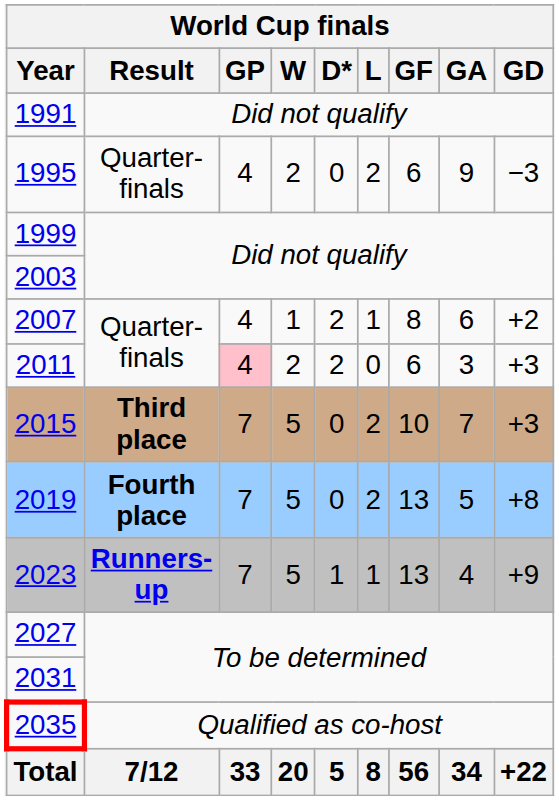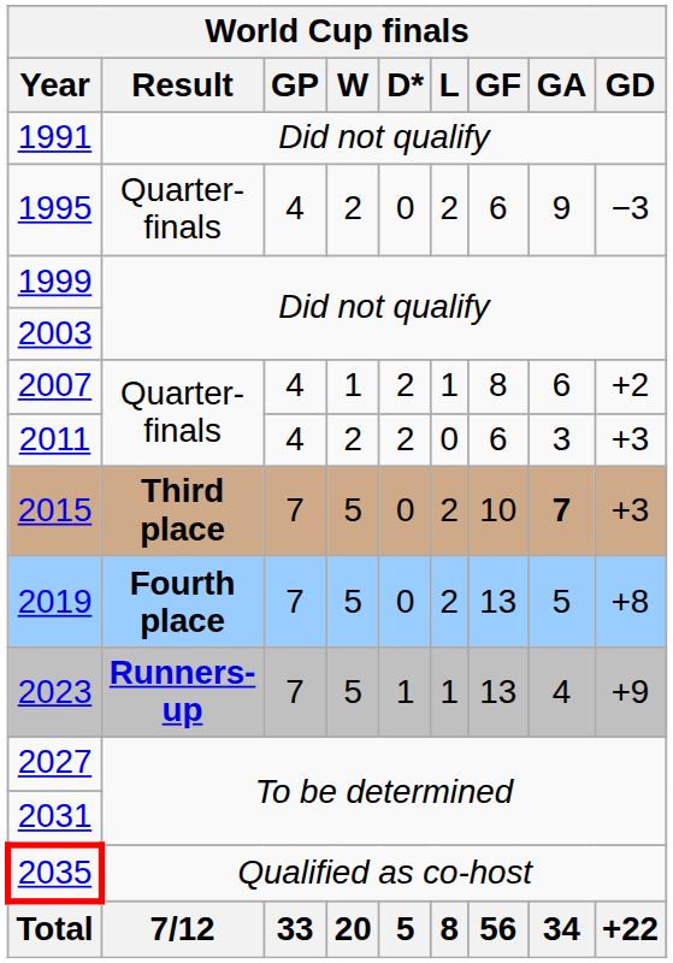 <table class="wikitable" style="text-align:center;width:50%">
 <tr>
 <th colspan=10>World Cup finals</th>
 </tr>
 <tr>
 <th>Year</th>
 <th>Result</th>
 <th>GP</th>
 <th>W</th>
 <th>D*</th>
 <th>L</th>
 <th>GF</th>
 <th>GA</th>
 <th>GD</th>
 </tr>
 <tr>
 <td> <a href='#'>1991</a></td>
 <td colspan=8><em>Did not qualify</em></td>
 </tr>
 <tr>
 <td> <a href='#'>1995</a></td>
 <td>Quarter-finals</td>
 <td>4</td>
 <td>2</td>
 <td>0</td>
 <td>2</td>
 <td>6</td>
 <td>9</td>
 <td>−3</td>
 </tr>
 <tr>
 <td> <a href='#'>1999</a></td>
 <td colspan=8 rowspan=2><em>Did not qualify</em></td>
 </tr>
 <tr>
 <td> <a href='#'>2003</a></td>
 </tr>
 <tr>
 <td> <a href='#'>2007</a></td>
 <td rowspan=2>Quarter-finals</td>
 <td>4</td>
 <td>1</td>
 <td>2</td>
 <td>1</td>
 <td>8</td>
 <td>6</td>
 <td>+2</td>
 </tr>
 <tr>
 <td> <a href='#'>2011</a></td>
-<td style="background: pink;">4</td>
+<td>4</td>
 <td>2</td>
 <td>2</td>
 <td>0</td>
 <td>6</td>
 <td>3</td>
 <td>+3</td>
 </tr>
 <tr style="background:#cfaa88">
 <td> <a href='#'>2015</a></td>
 <td><strong>Third place</strong></td>
 <td>7</td>
 <td>5</td>
 <td>0</td>
 <td>2</td>
 <td>10</td>
-<td>7</td>
+<td><strong>7</strong></td>
 <td>+3</td>
 </tr>
 <tr style="background:#9acdff">
 <td> <a href='#'>2019</a></td>
 <td><strong>Fourth place</strong></td>
 <td>7</td>
 <td>5</td>
 <td>0</td>
 <td>2</td>
 <td>13</td>
 <td>5</td>
 <td>+8</td>
 </tr>
 <tr style="background:silver">
 <td>  <a href='#'>2023</a></td>
 <td><strong><a href='#'>Runners-up</a></strong></td>
 <td>7</td>
 <td>5</td>
 <td>1</td>
 <td>1</td>
 <td>13</td>
 <td>4</td>
 <td>+9</td>
 </tr>
 <tr>
 <td> <a href='#'>2027</a></td>
 <td colspan=8 rowspan=2><em>To be determined</em></td>
 </tr>
 <tr>
 <td> <a href='#'>2031</a></td>
 </tr>
 <tr>
 <td style="border: 3px solid red"> <a href='#'>2035</a></td>
 <td colspan=8><em>Qualified as co-host</em></td>
 </tr>
 <tr>
 <th>Total</th>
 <th>7/12</th>
 <th>33</th>
 <th>20</th>
 <th>5</th>
 <th>8</th>
 <th>56</th>
 <th>34</th>
 <th>+22</th>
 </tr>
 </table>
